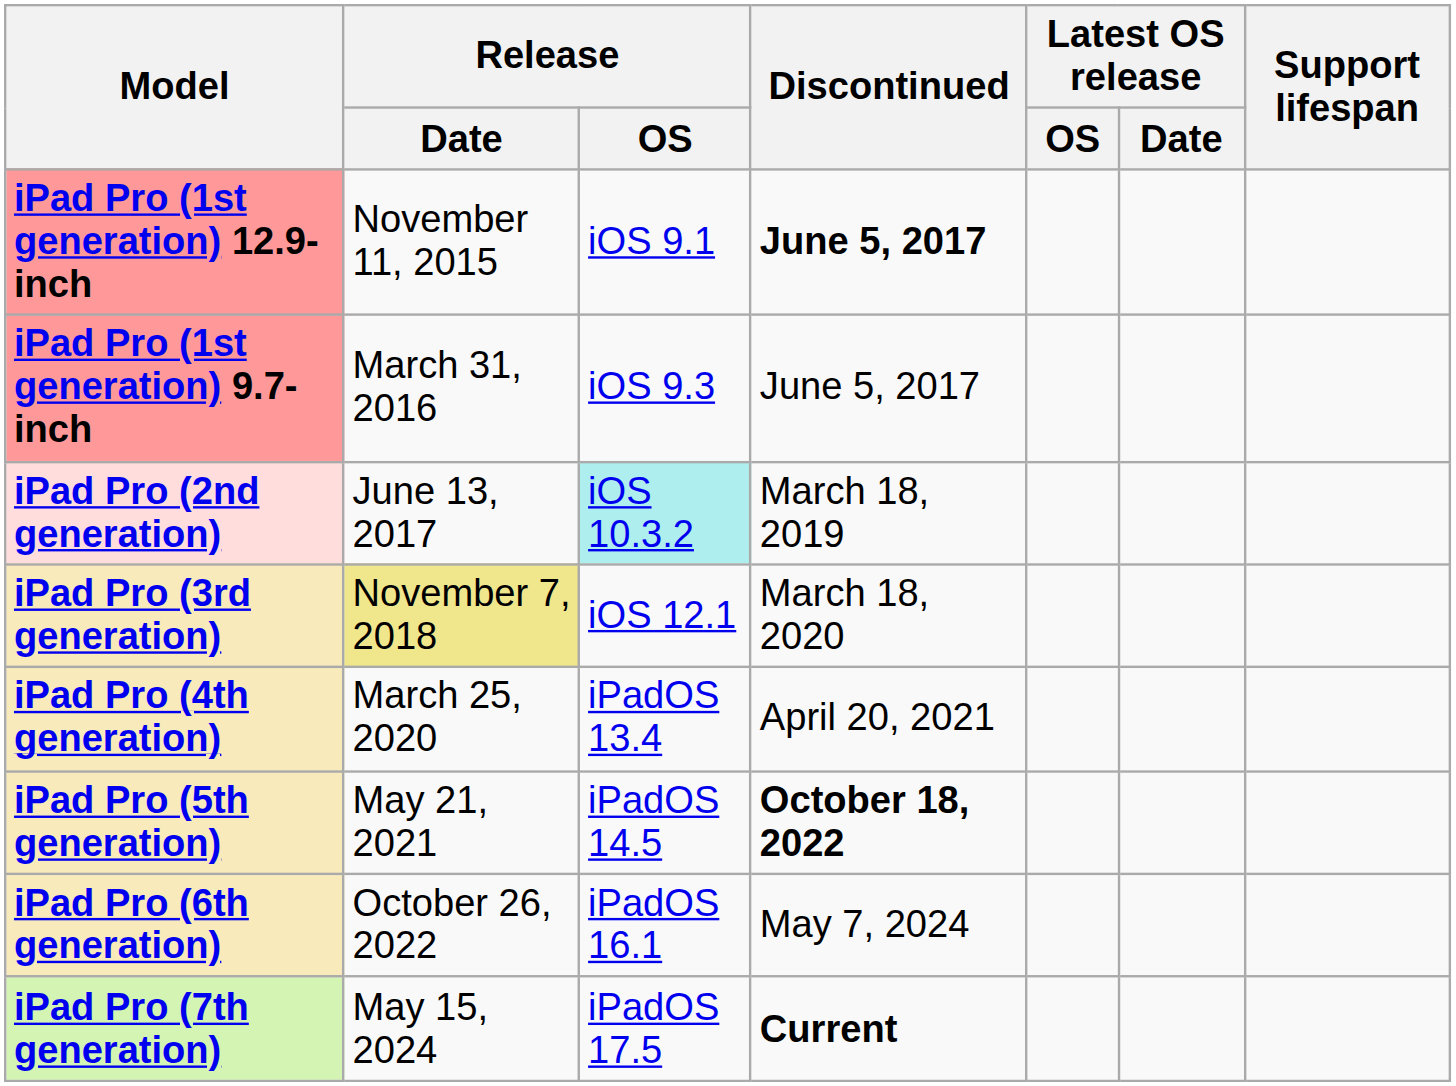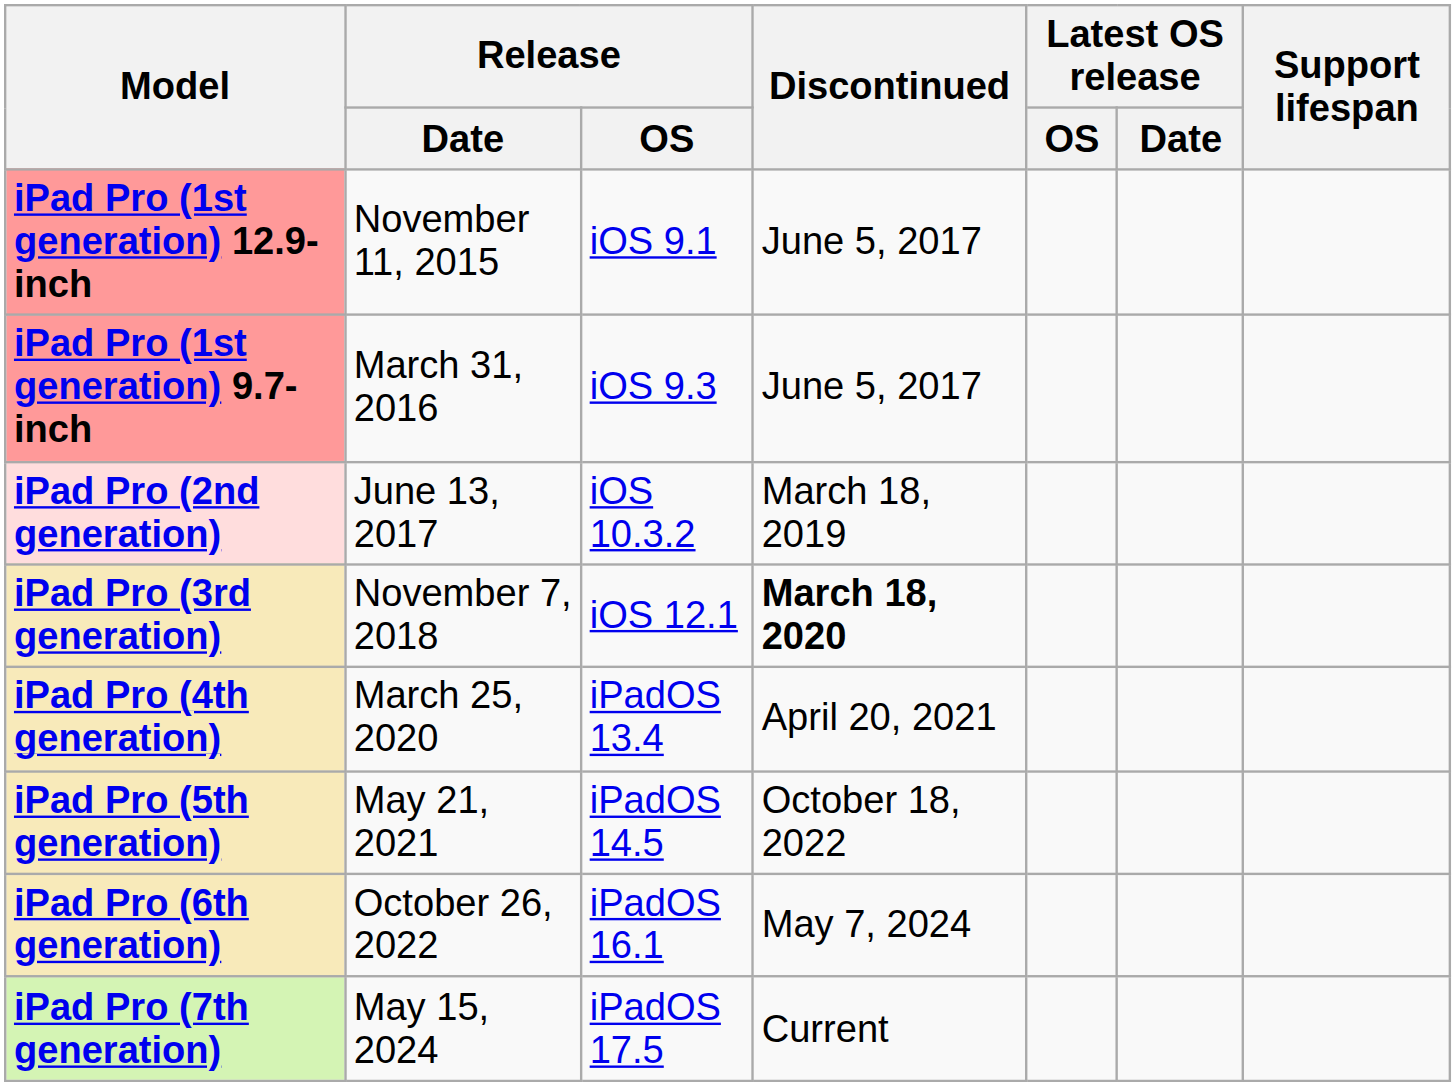 <table class="wikitable sortable sticky-header-multi">
 <tr>
 <th scope="col" rowspan="2">Model</th>
 <th scope="colgroup" colspan="2">Release</th>
 <th scope="col" rowspan="2">Discontinued</th>
 <th scope="colgroup" colspan="2">Latest OS release</th>
 <th scope="col" rowspan="2">Support lifespan</th>
 </tr>
 <tr>
 <th scope="col">Date</th>
 <th scope="col">OS</th>
 <th scope="col">OS</th>
 <th scope="col">Date</th>
 </tr>
 <tr>
 <th scope="row" style="background:#ff9999;text-align: left;"><a href='#'>iPad Pro (1st generation)</a> 12.9-inch</th>
 <td>November 11, 2015</td>
 <td><a href='#'>iOS 9.1</a></td>
-<td><strong>June 5, 2017</strong></td>
+<td>June 5, 2017</td>
 <td></td>
 <td></td>
 <td></td>
 </tr>
 <tr>
 <th scope="row" style="background:#ff9999;text-align: left;"><a href='#'>iPad Pro (1st generation)</a> 9.7-inch</th>
 <td>March 31, 2016</td>
 <td><a href='#'>iOS 9.3</a></td>
 <td>June 5, 2017</td>
 <td></td>
 <td></td>
 <td></td>
 </tr>
 <tr>
 <th scope="row" style="background:#ffdddd;text-align: left;"><a href='#'>iPad Pro (2nd generation)</a></th>
 <td>June 13, 2017</td>
-<td style="background: paleturquoise;"><a href='#'>iOS 10.3.2</a></td>
+<td><a href='#'>iOS 10.3.2</a></td>
 <td>March 18, 2019</td>
 <td></td>
 <td></td>
 <td></td>
 </tr>
 <tr>
 <th scope="row" style="background:#f8eaba;text-align: left;"><a href='#'>iPad Pro (3rd generation)</a></th>
-<td style="background: khaki;">November 7, 2018</td>
+<td>November 7, 2018</td>
 <td><a href='#'>iOS 12.1</a></td>
-<td>March 18, 2020</td>
+<td><strong>March 18, 2020</strong></td>
 <td></td>
 <td></td>
 <td></td>
 </tr>
 <tr>
 <th scope="row" style="background:#f8eaba;text-align: left;"><a href='#'>iPad Pro (4th generation)</a></th>
 <td>March 25, 2020</td>
 <td><a href='#'>iPadOS 13.4</a></td>
 <td>April 20, 2021</td>
 <td></td>
 <td></td>
 <td></td>
 </tr>
 <tr>
 <th scope="row" style="background:#f8eaba;text-align: left;"><a href='#'>iPad Pro (5th generation)</a></th>
 <td>May 21, 2021</td>
 <td><a href='#'>iPadOS 14.5</a></td>
-<td><strong>October 18, 2022</strong></td>
+<td>October 18, 2022</td>
 <td></td>
 <td></td>
 <td></td>
 </tr>
 <tr>
 <th scope="row" style="background:#f8eaba;text-align: left;"><a href='#'>iPad Pro (6th generation)</a></th>
 <td>October 26, 2022</td>
 <td><a href='#'>iPadOS 16.1</a></td>
 <td>May 7, 2024</td>
 <td></td>
 <td></td>
 <td></td>
 </tr>
 <tr>
 <th scope="row" style="background:#d4f4b4;text-align: left;"><a href='#'>iPad Pro (7th generation)</a></th>
 <td>May 15, 2024</td>
 <td><a href='#'>iPadOS 17.5</a></td>
-<td><strong>Current</strong></td>
+<td>Current</td>
 <td></td>
 <td></td>
 <td></td>
 </tr>
 </table>
